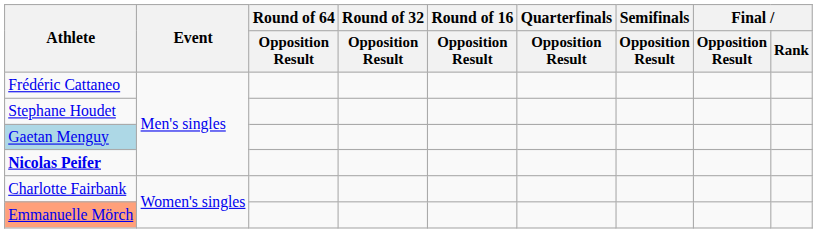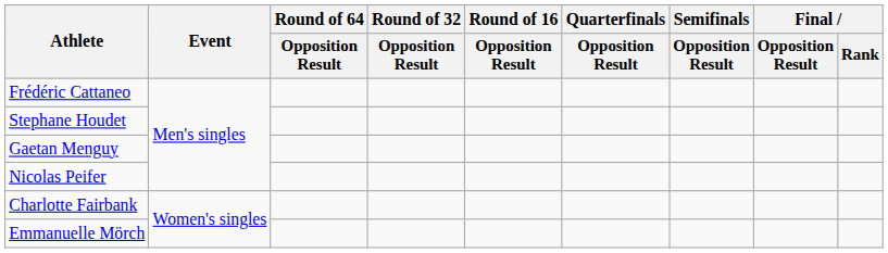 <table class="wikitable" style="font-size:90%;">
 <tr>
 <th rowspan=2>Athlete</th>
 <th rowspan=2>Event</th>
 <th>Round of 64</th>
 <th>Round of 32</th>
 <th>Round of 16</th>
 <th>Quarterfinals</th>
 <th>Semifinals</th>
 <th colspan=2>Final / </th>
 </tr>
 <tr style="font-size:95%">
 <th>Opposition<br>Result</th>
 <th>Opposition<br>Result</th>
 <th>Opposition<br>Result</th>
 <th>Opposition<br>Result</th>
 <th>Opposition<br>Result</th>
 <th>Opposition<br>Result</th>
 <th>Rank</th>
 </tr>
 <tr align=center>
 <td align=left><a href='#'>Frédéric Cattaneo</a></td>
 <td rowspan=4 align=left><a href='#'>Men's singles</a></td>
 <td></td>
 <td></td>
 <td></td>
 <td></td>
 <td></td>
 <td></td>
 <td></td>
 </tr>
 <tr align=center>
 <td align=left><a href='#'>Stephane Houdet</a></td>
 <td></td>
 <td></td>
 <td></td>
 <td></td>
 <td></td>
 <td></td>
 <td></td>
 </tr>
 <tr align=center>
-<td align=left style="background: lightblue;"><a href='#'>Gaetan Menguy</a></td>
+<td align=left><a href='#'>Gaetan Menguy</a></td>
 <td></td>
 <td></td>
 <td></td>
 <td></td>
 <td></td>
 <td></td>
 <td></td>
 </tr>
 <tr align=center>
-<td align=left><strong><a href='#'>Nicolas Peifer</a></strong></td>
+<td align=left><a href='#'>Nicolas Peifer</a></td>
 <td></td>
 <td></td>
 <td></td>
 <td></td>
 <td></td>
 <td></td>
 <td></td>
 </tr>
 <tr align=center>
 <td align=left><a href='#'>Charlotte Fairbank</a></td>
 <td rowspan=2 align=left><a href='#'>Women's singles</a></td>
 <td></td>
 <td></td>
 <td></td>
 <td></td>
 <td></td>
 <td></td>
 <td></td>
 </tr>
 <tr align=center>
-<td align=left style="background: lightsalmon;"><a href='#'>Emmanuelle Mörch</a></td>
+<td align=left><a href='#'>Emmanuelle Mörch</a></td>
 <td></td>
 <td></td>
 <td></td>
 <td></td>
 <td></td>
 <td></td>
 <td></td>
 </tr>
 </table>
